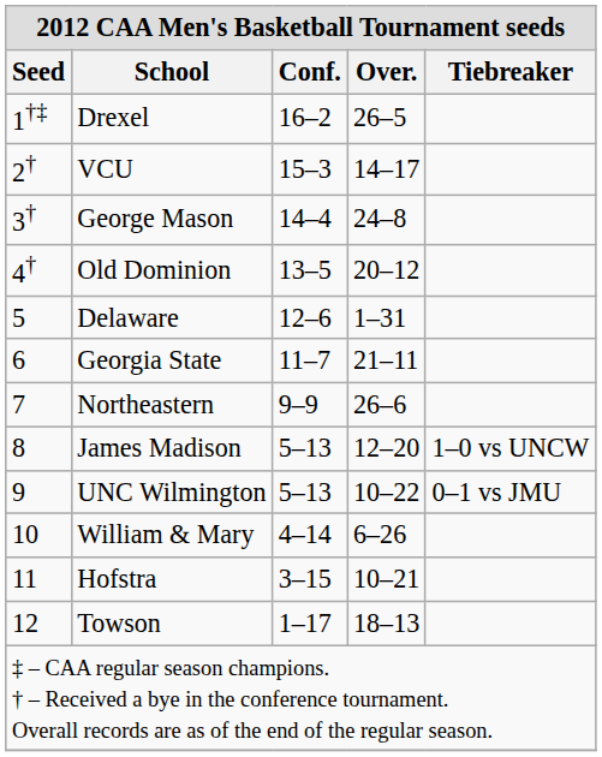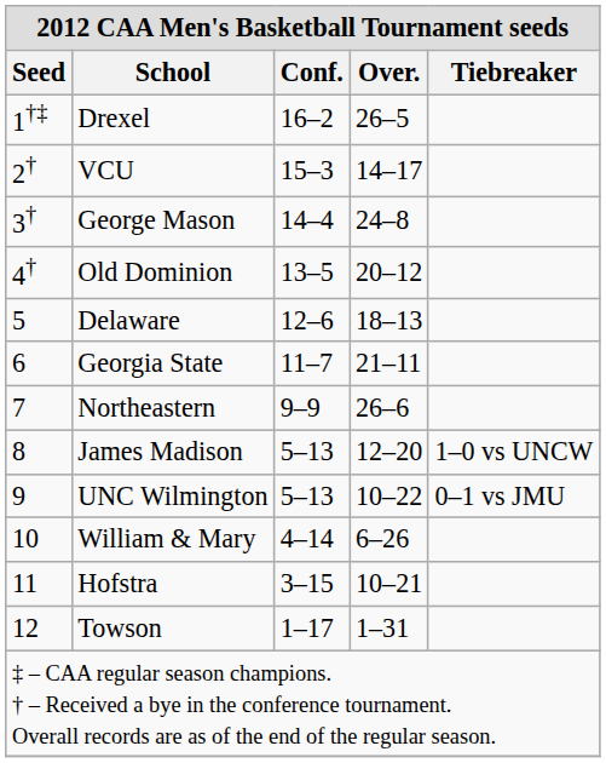 <table class="wikitable" style="white-space:nowrap; font-size:90%;">
 <tr>
 <td colspan="7" style="text-align:center; background:#DDDDDD; font:#000000"><strong>2012 CAA Men's Basketball Tournament seeds</strong></td>
 </tr>
 <tr bgcolor="#efefef">
 <th>Seed</th>
 <th>School</th>
 <th>Conf.</th>
 <th>Over.</th>
 <th>Tiebreaker</th>
 </tr>
 <tr>
 <td>1<sup>†‡</sup></td>
 <td>Drexel</td>
 <td>16–2</td>
 <td>26–5</td>
 <td></td>
 </tr>
 <tr>
 <td>2<sup>†</sup></td>
 <td>VCU</td>
 <td>15–3</td>
 <td>14–17</td>
 <td></td>
 </tr>
 <tr>
 <td>3<sup>†</sup></td>
 <td>George Mason</td>
 <td>14–4</td>
 <td>24–8</td>
 <td></td>
 </tr>
 <tr>
 <td>4<sup>†</sup></td>
 <td>Old Dominion</td>
 <td>13–5</td>
 <td>20–12</td>
 <td></td>
 </tr>
 <tr>
 <td>5</td>
 <td>Delaware</td>
 <td>12–6</td>
-<td>1–31</td>
+<td>18–13</td>
 <td></td>
 </tr>
 <tr>
 <td>6</td>
 <td>Georgia State</td>
 <td>11–7</td>
 <td>21–11</td>
 <td></td>
 </tr>
 <tr>
 <td>7</td>
 <td>Northeastern</td>
 <td>9–9</td>
 <td>26–6</td>
 <td></td>
 </tr>
 <tr>
 <td>8</td>
 <td>James Madison</td>
 <td>5–13</td>
 <td>12–20</td>
 <td>1–0 vs UNCW</td>
 </tr>
 <tr>
 <td>9</td>
 <td>UNC Wilmington</td>
 <td>5–13</td>
 <td>10–22</td>
 <td>0–1 vs JMU</td>
 </tr>
 <tr>
 <td>10</td>
 <td>William & Mary</td>
 <td>4–14</td>
 <td>6–26</td>
 <td></td>
 </tr>
 <tr>
 <td>11</td>
 <td>Hofstra</td>
 <td>3–15</td>
 <td>10–21</td>
 <td></td>
 </tr>
 <tr>
 <td>12</td>
 <td>Towson</td>
 <td>1–17</td>
-<td>18–13</td>
+<td>1–31</td>
 <td></td>
 </tr>
 <tr>
 <td colspan="6" style="text-align:left;"><small>‡ – CAA regular season champions.<br>† – Received a bye in the conference tournament.<br>Overall records are as of the end of the regular season.</small></td>
 </tr>
 <tr>
 </tr>
 </table>
